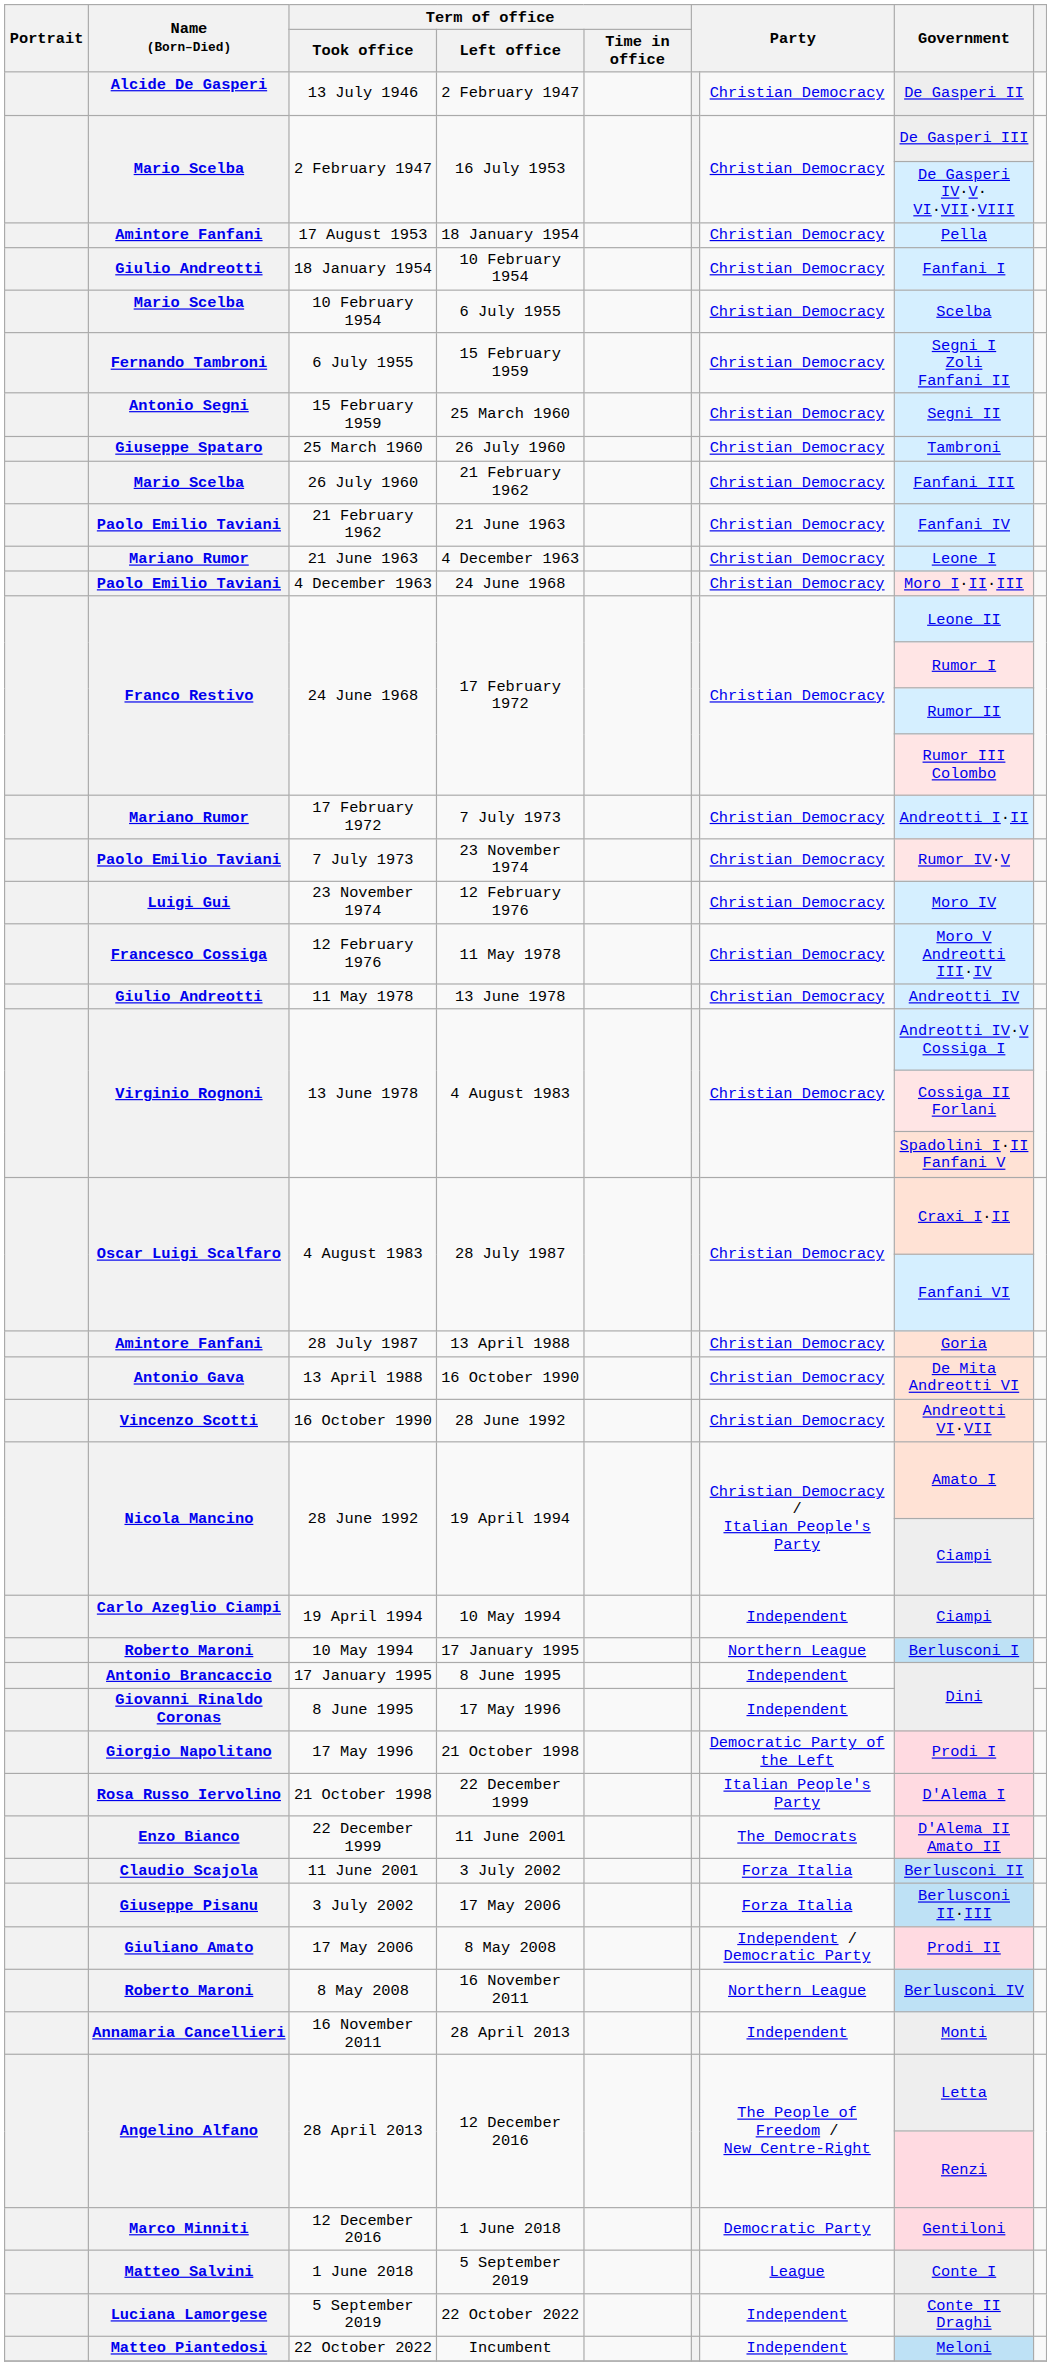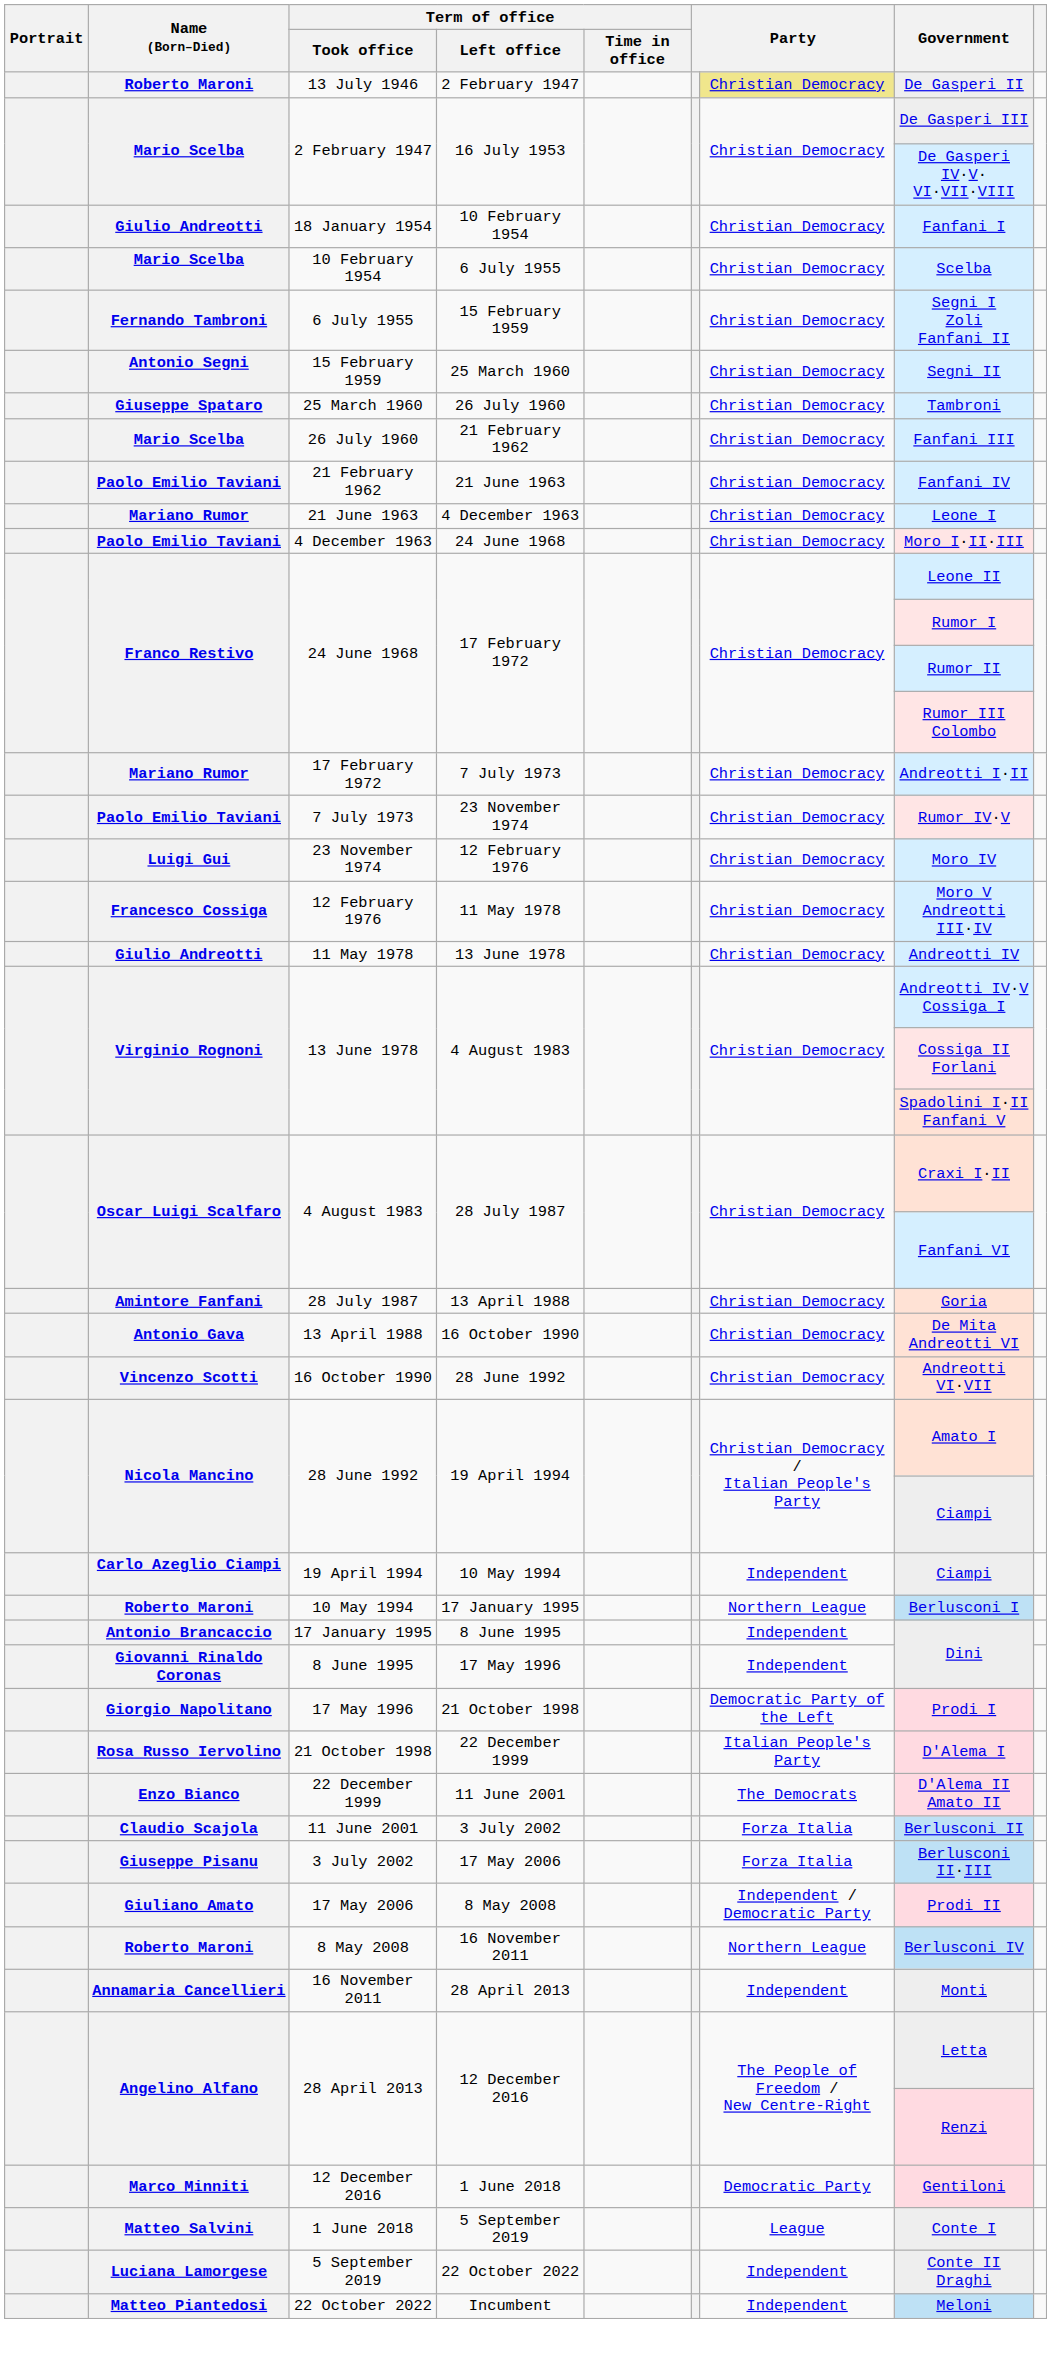 <table class="wikitable" style="text-align:center; style="width=100%">
 <tr>
 <th width=1% rowspan=2>Portrait</th>
 <th width=15% rowspan=2>Name<br><small>(Born–Died)</small></th>
 <th width=30% colspan=3>Term of office</th>
 <th width=15% rowspan=2 colspan=2>Party</th>
 <th width=10% rowspan=2>Government</th>
 <th width=1% rowspan=2></th>
 </tr>
 <tr style="text-align:center;">
 <th width=11%>Took office</th>
 <th width=11%>Left office</th>
 <th width=8%>Time in office</th>
 </tr>
 <tr>
 <th></th>
-<th scope="row" style="font-weight:normal"><strong><a href='#'>Alcide De Gasperi</a></strong><br><br><em></em></th>
+<th scope="row" style="font-weight:normal"><strong><a href='#'>Roberto Maroni</a></strong><br></th>
 <td>13 July 1946</td>
 <td>2 February 1947</td>
 <td></td>
 <th style="background:"></th>
-<td><a href='#'>Christian Democracy</a></td>
+<td style="background: khaki;"><a href='#'>Christian Democracy</a></td>
 <td bgcolor=#EEEEEE><a href='#'>De Gasperi II</a></td>
 <td></td>
 </tr>
 <tr style="height:3em;">
 <th rowspan=2></th>
 <th scope="row" style="font-weight:normal" rowspan=2><strong><a href='#'>Mario Scelba</a></strong><br></th>
 <td rowspan=2>2 February 1947</td>
 <td rowspan=2>16 July 1953</td>
 <td rowspan=2></td>
 <th rowspan=2 style="background:"></th>
 <td rowspan=2><a href='#'>Christian Democracy</a></td>
 <td bgcolor=#EEEEEE><a href='#'>De Gasperi III</a></td>
 <td rowspan=2></td>
 </tr>
 <tr style="height:4em;">
 <td bgcolor=#D5EFFF><a href='#'>De Gasperi IV</a>·<a href='#'>V</a>·<br><a href='#'>VI</a>·<a href='#'>VII</a>·<a href='#'>VIII</a></td>
-</tr>
-<tr>
-<th></th>
-<th scope="row" style="font-weight:normal"><strong><a href='#'>Amintore Fanfani</a></strong><br></th>
-<td>17 August 1953</td>
-<td>18 January 1954</td>
-<td></td>
-<th style="background:"></th>
-<td><a href='#'>Christian Democracy</a></td>
-<td bgcolor=#D5EFFF><a href='#'>Pella</a></td>
-<td></td>
 </tr>
 <tr>
 <th></th>
 <th scope="row" style="font-weight:normal"><strong><a href='#'>Giulio Andreotti</a></strong><br></th>
 <td>18 January 1954</td>
 <td>10 February 1954</td>
 <td></td>
 <th style="background:"></th>
 <td><a href='#'>Christian Democracy</a></td>
 <td bgcolor=#D5EFFF><a href='#'>Fanfani I</a></td>
 <td></td>
 </tr>
 <tr>
 <th></th>
 <th scope="row" style="font-weight:normal"><strong><a href='#'>Mario Scelba</a></strong><br><br><em></em></th>
 <td>10 February 1954</td>
 <td>6 July 1955</td>
 <td></td>
 <th style="background:"></th>
 <td><a href='#'>Christian Democracy</a></td>
 <td bgcolor=#D5EFFF><a href='#'>Scelba</a></td>
 <td></td>
 </tr>
 <tr>
 <th></th>
 <th scope="row" style="font-weight:normal"><strong><a href='#'>Fernando Tambroni</a></strong><br></th>
 <td>6 July 1955</td>
 <td>15 February 1959</td>
 <td></td>
 <th style="background:"></th>
 <td><a href='#'>Christian Democracy</a></td>
 <td bgcolor=#D5EFFF><a href='#'>Segni I</a><br><a href='#'>Zoli</a><br><a href='#'>Fanfani II</a></td>
 <td></td>
 </tr>
 <tr>
 <th></th>
 <th scope="row" style="font-weight:normal"><strong><a href='#'>Antonio Segni</a></strong><br><br><em></em></th>
 <td>15 February 1959</td>
 <td>25 March 1960</td>
 <td></td>
 <th style="background:"></th>
 <td><a href='#'>Christian Democracy</a></td>
 <td bgcolor=#D5EFFF><a href='#'>Segni II</a></td>
 <td></td>
 </tr>
 <tr>
 <th></th>
 <th scope="row" style="font-weight:normal"><strong><a href='#'>Giuseppe Spataro</a></strong><br></th>
 <td>25 March 1960</td>
 <td>26 July 1960</td>
 <td></td>
 <th style="background:"></th>
 <td><a href='#'>Christian Democracy</a></td>
 <td bgcolor=#D5EFFF><a href='#'>Tambroni</a></td>
 <td></td>
 </tr>
 <tr>
 <th></th>
 <th scope="row" style="font-weight:normal"><strong><a href='#'>Mario Scelba</a></strong><br></th>
 <td>26 July 1960</td>
 <td>21 February 1962</td>
 <td></td>
 <th style="background:"></th>
 <td><a href='#'>Christian Democracy</a></td>
 <td bgcolor=#D5EFFF><a href='#'>Fanfani III</a></td>
 <td></td>
 </tr>
 <tr>
 <th></th>
 <th scope="row" style="font-weight:normal"><strong><a href='#'>Paolo Emilio Taviani</a></strong><br></th>
 <td>21 February 1962</td>
 <td>21 June 1963</td>
 <td></td>
 <th style="background:"></th>
 <td><a href='#'>Christian Democracy</a></td>
 <td bgcolor=#D5EFFF><a href='#'>Fanfani IV</a></td>
 <td></td>
 </tr>
 <tr>
 <th></th>
 <th scope="row" style="font-weight:normal"><strong><a href='#'>Mariano Rumor</a></strong><br></th>
 <td>21 June 1963</td>
 <td>4 December 1963</td>
 <td></td>
 <th style="background:"></th>
 <td><a href='#'>Christian Democracy</a></td>
 <td bgcolor=#D5EFFF><a href='#'>Leone I</a></td>
 <td></td>
 </tr>
 <tr>
 <th></th>
 <th scope="row" style="font-weight:normal"><strong><a href='#'>Paolo Emilio Taviani</a></strong><br></th>
 <td>4 December 1963</td>
 <td>24 June 1968</td>
 <td></td>
 <th style="background:"></th>
 <td><a href='#'>Christian Democracy</a></td>
 <td bgcolor=#FFE5E5><a href='#'>Moro I</a>·<a href='#'>II</a>·<a href='#'>III</a></td>
 <td></td>
 </tr>
 <tr style="height:3em;">
 <th rowspan=4></th>
 <th scope="row" style="font-weight:normal" rowspan=4><strong><a href='#'>Franco Restivo</a></strong><br></th>
 <td rowspan=4>24 June 1968</td>
 <td rowspan=4>17 February 1972</td>
 <td rowspan=4></td>
 <th rowspan=4 style="background:"></th>
 <td rowspan=4><a href='#'>Christian Democracy</a></td>
 <td bgcolor=#D5EFFF><a href='#'>Leone II</a></td>
 <td rowspan=4></td>
 </tr>
 <tr style="height:3em;">
 <td bgcolor=#FFE5E5><a href='#'>Rumor I</a></td>
 </tr>
 <tr style="height:3em;">
 <td bgcolor=#D5EFFF><a href='#'>Rumor II</a></td>
 </tr>
 <tr style="height:4em;">
 <td bgcolor=#FFE5E5><a href='#'>Rumor III</a><br><a href='#'>Colombo</a></td>
 </tr>
 <tr>
 <th></th>
 <th scope="row" style="font-weight:normal"><strong><a href='#'>Mariano Rumor</a></strong><br></th>
 <td>17 February 1972</td>
 <td>7 July 1973</td>
 <td></td>
 <th style="background:"></th>
 <td><a href='#'>Christian Democracy</a></td>
 <td bgcolor=#D5EFFF><a href='#'>Andreotti I</a>·<a href='#'>II</a></td>
 <td></td>
 </tr>
 <tr>
 <th></th>
 <th scope="row" style="font-weight:normal"><strong><a href='#'>Paolo Emilio Taviani</a></strong><br></th>
 <td>7 July 1973</td>
 <td>23 November 1974</td>
 <td></td>
 <th style="background:"></th>
 <td><a href='#'>Christian Democracy</a></td>
 <td bgcolor=#FFE5E5><a href='#'>Rumor IV</a>·<a href='#'>V</a></td>
 <td></td>
 </tr>
 <tr>
 <th></th>
 <th scope="row" style="font-weight:normal"><strong><a href='#'>Luigi Gui</a></strong><br></th>
 <td>23 November 1974</td>
 <td>12 February 1976</td>
 <td></td>
 <th style="background:"></th>
 <td><a href='#'>Christian Democracy</a></td>
 <td bgcolor=#D5EFFF><a href='#'>Moro IV</a></td>
 <td></td>
 </tr>
 <tr>
 <th></th>
 <th scope="row" style="font-weight:normal"><strong><a href='#'>Francesco Cossiga</a></strong><br></th>
 <td>12 February 1976</td>
 <td>11 May 1978</td>
 <td></td>
 <th style="background:"></th>
 <td><a href='#'>Christian Democracy</a></td>
 <td bgcolor=#D5EFFF><a href='#'>Moro V</a><br><a href='#'>Andreotti III</a>·<a href='#'>IV</a></td>
 <td></td>
 </tr>
 <tr>
 <th></th>
 <th scope="row" style="font-weight:normal"><strong><a href='#'>Giulio Andreotti</a></strong><br></th>
 <td>11 May 1978</td>
 <td>13 June 1978</td>
 <td></td>
 <th style="background:"></th>
 <td><a href='#'>Christian Democracy</a></td>
 <td bgcolor=#D5EFFF><a href='#'>Andreotti IV</a></td>
 <td></td>
 </tr>
 <tr style="height:4em;">
 <th rowspan=3></th>
 <th scope="row" style="font-weight:normal" rowspan=3><strong><a href='#'>Virginio Rognoni</a></strong><br></th>
 <td rowspan=3>13 June 1978</td>
 <td rowspan=3>4 August 1983</td>
 <td rowspan=3></td>
 <th rowspan=3 style="background:"></th>
 <td rowspan=3><a href='#'>Christian Democracy</a></td>
 <td bgcolor=#D5EFFF><a href='#'>Andreotti IV</a>·<a href='#'>V</a><br><a href='#'>Cossiga I</a></td>
 <td rowspan=3></td>
 </tr>
 <tr style="height:4em;">
 <td bgcolor=#FFE5E5><a href='#'>Cossiga II</a><br><a href='#'>Forlani</a></td>
 </tr>
 <tr style="height:3em;">
 <td bgcolor=#FFE2D5><a href='#'>Spadolini I</a>·<a href='#'>II</a><br><a href='#'>Fanfani V</a></td>
 </tr>
 <tr style="height:5em;">
 <th rowspan=2></th>
 <th scope="row" style="font-weight:normal" rowspan=2><strong><a href='#'>Oscar Luigi Scalfaro</a></strong><br></th>
 <td rowspan=2>4 August 1983</td>
 <td rowspan=2>28 July 1987</td>
 <td rowspan=2></td>
 <th rowspan=2 style="background:"></th>
 <td rowspan=2><a href='#'>Christian Democracy</a></td>
 <td bgcolor=#FFE2D5><a href='#'>Craxi I</a>·<a href='#'>II</a></td>
 <td rowspan=2></td>
 </tr>
 <tr style="height:5em;">
 <td bgcolor=#D5EFFF><a href='#'>Fanfani VI</a></td>
 </tr>
 <tr>
 <th></th>
 <th scope="row" style="font-weight:normal"><strong><a href='#'>Amintore Fanfani</a></strong><br></th>
 <td>28 July 1987</td>
 <td>13 April 1988</td>
 <td></td>
 <th style="background:"></th>
 <td><a href='#'>Christian Democracy</a></td>
 <td bgcolor=#FFE2D5><a href='#'>Goria</a></td>
 <td></td>
 </tr>
 <tr>
 <th></th>
 <th scope="row" style="font-weight:normal"><strong><a href='#'>Antonio Gava</a></strong><br></th>
 <td>13 April 1988</td>
 <td>16 October 1990</td>
 <td></td>
 <th style="background:"></th>
 <td><a href='#'>Christian Democracy</a></td>
 <td bgcolor=#FFE2D5><a href='#'>De Mita</a><br><a href='#'>Andreotti VI</a></td>
 <td></td>
 </tr>
 <tr>
 <th></th>
 <th scope="row" style="font-weight:normal"><strong><a href='#'>Vincenzo Scotti</a></strong><br></th>
 <td>16 October 1990</td>
 <td>28 June 1992</td>
 <td></td>
 <th style="background:"></th>
 <td><a href='#'>Christian Democracy</a></td>
 <td bgcolor=#FFE2D5><a href='#'>Andreotti VI</a>·<a href='#'>VII</a></td>
 <td></td>
 </tr>
 <tr style="height:5em;">
 <th rowspan=2></th>
 <th scope="row" style="font-weight:normal" rowspan=2><strong><a href='#'>Nicola Mancino</a></strong><br></th>
 <td rowspan=2>28 June 1992</td>
 <td rowspan=2>19 April 1994</td>
 <td rowspan=2></td>
 <th rowspan=2 style="background:"></th>
 <td rowspan=2><a href='#'>Christian Democracy</a> /<br><a href='#'>Italian People's Party</a></td>
 <td bgcolor=#FFE2D5><a href='#'>Amato I</a></td>
 <td rowspan=2></td>
 </tr>
 <tr style="height:5em;">
 <td bgcolor=#EEEEEE><a href='#'>Ciampi</a></td>
 </tr>
 <tr>
 <th></th>
 <th scope="row" style="font-weight:normal"><strong><a href='#'>Carlo Azeglio Ciampi</a></strong><br><br><em></em></th>
 <td>19 April 1994</td>
 <td>10 May 1994</td>
 <td></td>
 <th style="background:"></th>
 <td><a href='#'>Independent</a></td>
 <td bgcolor=#EEEEEE><a href='#'>Ciampi</a></td>
 <td></td>
 </tr>
 <tr>
 <th></th>
 <th scope="row" style="font-weight:normal"><strong><a href='#'>Roberto Maroni</a></strong><br></th>
 <td>10 May 1994</td>
 <td>17 January 1995</td>
 <td></td>
 <th style="background:"></th>
 <td><a href='#'>Northern League</a></td>
 <td bgcolor=#BEE1F5><a href='#'>Berlusconi I</a></td>
 <td></td>
 </tr>
 <tr>
 <th></th>
 <th scope="row" style="font-weight:normal"><strong><a href='#'>Antonio Brancaccio</a></strong><br></th>
 <td>17 January 1995</td>
 <td>8 June 1995</td>
 <td></td>
 <th style="background:"></th>
 <td><a href='#'>Independent</a></td>
 <td rowspan=2 bgcolor=#EEEEEE><a href='#'>Dini</a></td>
 <td></td>
 </tr>
 <tr>
 <th></th>
 <th scope="row" style="font-weight:normal"><strong><a href='#'>Giovanni Rinaldo Coronas</a></strong><br></th>
 <td>8 June 1995</td>
 <td>17 May 1996</td>
 <td></td>
 <th style="background:"></th>
 <td><a href='#'>Independent</a></td>
 <td></td>
 </tr>
 <tr>
 <th></th>
 <th scope="row" style="font-weight:normal"><strong><a href='#'>Giorgio Napolitano</a></strong><br></th>
 <td>17 May 1996</td>
 <td>21 October 1998</td>
 <td></td>
 <th style="background:"></th>
 <td><a href='#'>Democratic Party of the Left</a></td>
 <td bgcolor=#FFDAE1><a href='#'>Prodi I</a></td>
 <td></td>
 </tr>
 <tr>
 <th></th>
 <th scope="row" style="font-weight:normal"><strong><a href='#'>Rosa Russo Iervolino</a></strong><br></th>
 <td>21 October 1998</td>
 <td>22 December 1999</td>
 <td></td>
 <th style="background:"></th>
 <td><a href='#'>Italian People's Party</a></td>
 <td bgcolor=#FFDAE1><a href='#'>D'Alema I</a></td>
 <td></td>
 </tr>
 <tr>
 <th></th>
 <th scope="row" style="font-weight:normal"><strong><a href='#'>Enzo Bianco</a></strong><br></th>
 <td>22 December 1999</td>
 <td>11 June 2001</td>
 <td></td>
 <th style="background:"></th>
 <td><a href='#'>The Democrats</a></td>
 <td bgcolor=#FFDAE1><a href='#'>D'Alema II</a><br><a href='#'>Amato II</a></td>
 <td></td>
 </tr>
 <tr>
 <th></th>
 <th scope="row" style="font-weight:normal"><strong><a href='#'>Claudio Scajola</a></strong><br></th>
 <td>11 June 2001</td>
 <td>3 July 2002</td>
 <td></td>
 <th style="background:"></th>
 <td><a href='#'>Forza Italia</a></td>
 <td bgcolor=#BEE1F5><a href='#'>Berlusconi II</a></td>
 <td></td>
 </tr>
 <tr>
 <th></th>
 <th scope="row" style="font-weight:normal"><strong><a href='#'>Giuseppe Pisanu</a></strong><br></th>
 <td>3 July 2002</td>
 <td>17 May 2006</td>
 <td></td>
 <th style="background:"></th>
 <td><a href='#'>Forza Italia</a></td>
 <td bgcolor=#BEE1F5><a href='#'>Berlusconi II</a>·<a href='#'>III</a></td>
 <td></td>
 </tr>
 <tr>
 <th></th>
 <th scope="row" style="font-weight:normal"><strong><a href='#'>Giuliano Amato</a></strong><br></th>
 <td>17 May 2006</td>
 <td>8 May 2008</td>
 <td></td>
 <th style="background:"></th>
 <td><a href='#'>Independent</a> /<br><a href='#'>Democratic Party</a></td>
 <td bgcolor=#FFDAE1><a href='#'>Prodi II</a></td>
 <td></td>
 </tr>
 <tr>
 <th></th>
 <th scope="row" style="font-weight:normal"><strong><a href='#'>Roberto Maroni</a></strong><br></th>
 <td>8 May 2008</td>
 <td>16 November 2011</td>
 <td></td>
 <th style="background:"></th>
 <td><a href='#'>Northern League</a></td>
 <td bgcolor=#BEE1F5><a href='#'>Berlusconi IV</a></td>
 <td></td>
 </tr>
 <tr>
 <th></th>
 <th scope="row" style="font-weight:normal"><strong><a href='#'>Annamaria Cancellieri</a></strong><br></th>
 <td>16 November 2011</td>
 <td>28 April 2013</td>
 <td></td>
 <th style="background:"></th>
 <td><a href='#'>Independent</a></td>
 <td bgcolor=#EEEEEE><a href='#'>Monti</a></td>
 <td></td>
 </tr>
 <tr style="height:5em;">
 <th rowspan=2></th>
 <th scope="row" style="font-weight:normal" rowspan=2><strong><a href='#'>Angelino Alfano</a></strong><br></th>
 <td rowspan=2>28 April 2013</td>
 <td rowspan=2>12 December 2016</td>
 <td rowspan=2></td>
 <th rowspan=2 style="background:"></th>
 <td rowspan=2><a href='#'>The People of Freedom</a> /<br><a href='#'>New Centre-Right</a></td>
 <td bgcolor=#EEEEEE><a href='#'>Letta</a></td>
 <td rowspan=2></td>
 </tr>
 <tr style="height:5em;">
 <td bgcolor=#FFDAE1><a href='#'>Renzi</a></td>
 </tr>
 <tr>
 <th></th>
 <th scope="row" style="font-weight:normal"><strong><a href='#'>Marco Minniti</a></strong><br></th>
 <td>12 December 2016</td>
 <td>1 June 2018</td>
 <td></td>
 <th style="background:"></th>
 <td><a href='#'>Democratic Party</a></td>
 <td bgcolor=#FFDAE1><a href='#'>Gentiloni</a></td>
 <td></td>
 </tr>
 <tr>
 <th></th>
 <th scope="row" style="font-weight:normal"><strong><a href='#'>Matteo Salvini</a></strong><br></th>
 <td>1 June 2018</td>
 <td>5 September 2019</td>
 <td></td>
 <th style="background:"></th>
 <td><a href='#'>League</a></td>
 <td bgcolor=#EEEEEE><a href='#'>Conte I</a></td>
 <td></td>
 </tr>
 <tr>
 <th></th>
 <th scope="row" style="font-weight:normal"><strong><a href='#'>Luciana Lamorgese</a></strong><br></th>
 <td>5 September 2019</td>
 <td>22 October 2022</td>
 <td></td>
 <th style="background:"></th>
 <td><a href='#'>Independent</a></td>
 <td bgcolor=#EEEEEE><a href='#'>Conte II</a><br><a href='#'>Draghi</a></td>
 <td></td>
 </tr>
 <tr>
 <th></th>
 <th scope="row" style="font-weight:normal"><strong><a href='#'>Matteo Piantedosi</a></strong><br></th>
 <td>22 October 2022</td>
 <td>Incumbent</td>
 <td></td>
 <th style="background:"></th>
 <td><a href='#'>Independent</a></td>
 <td bgcolor=#BEE1F5><a href='#'>Meloni</a></td>
 <td></td>
 </tr>
 <tr>
 </tr>
 </table>
